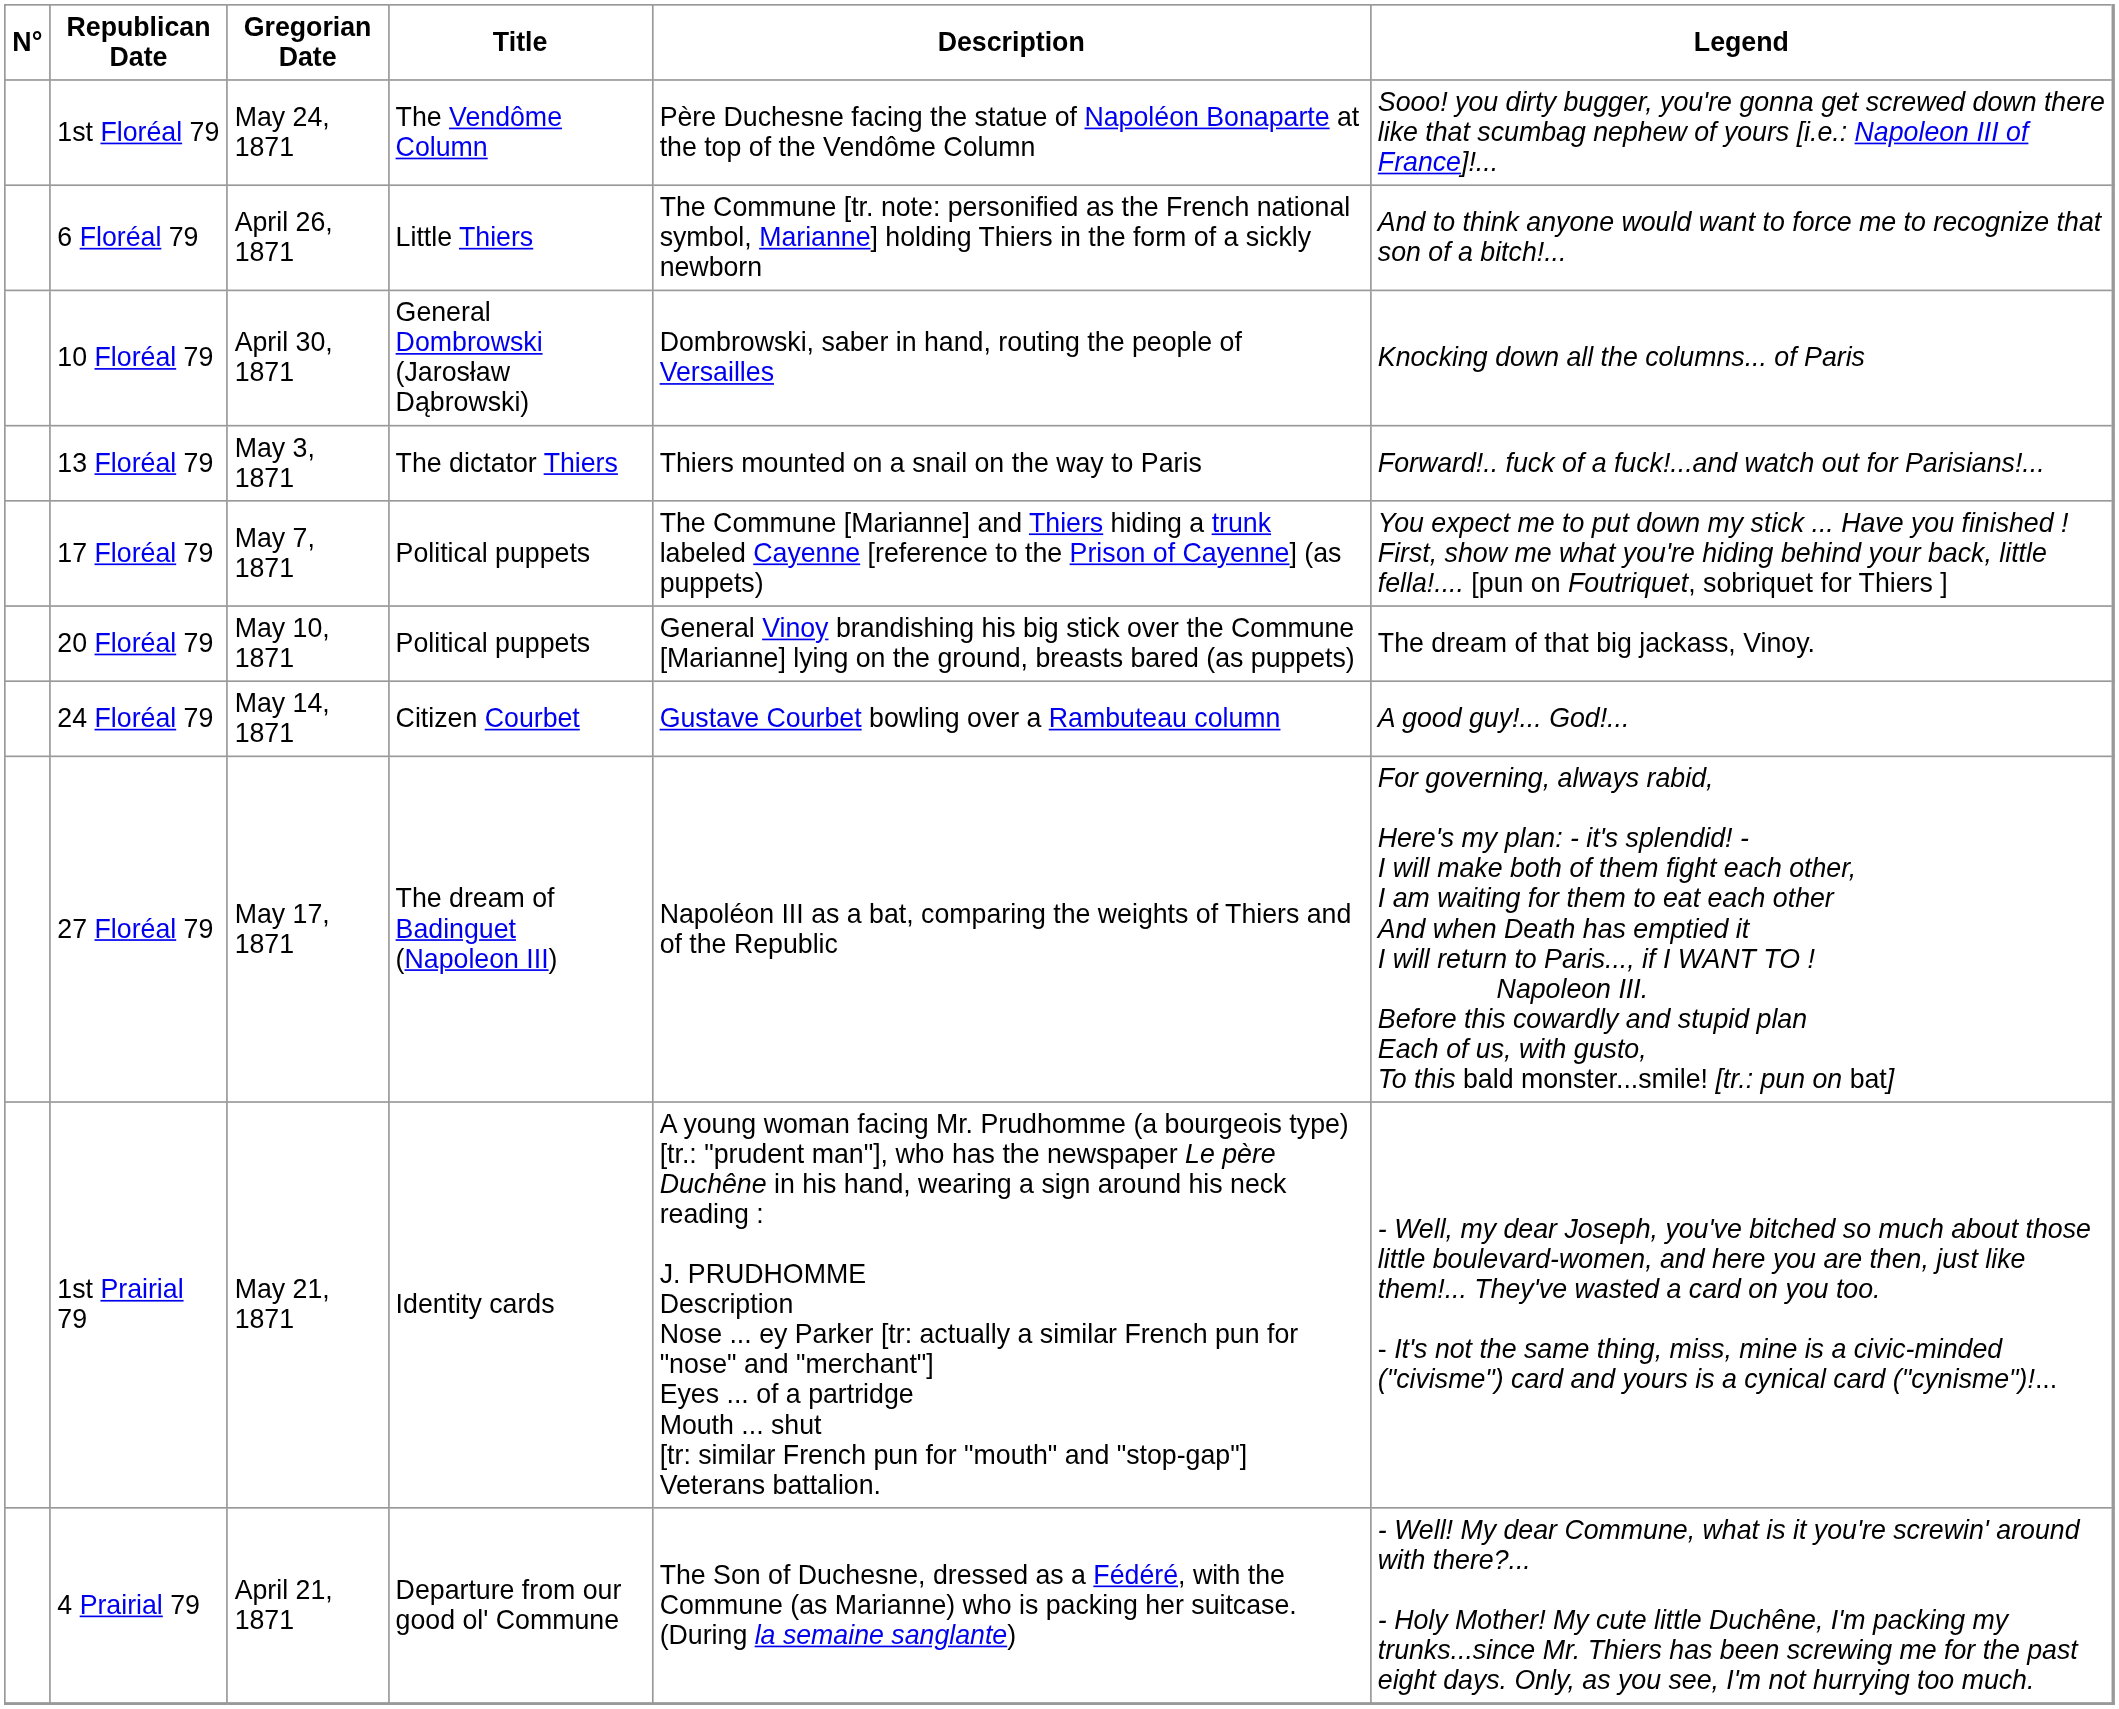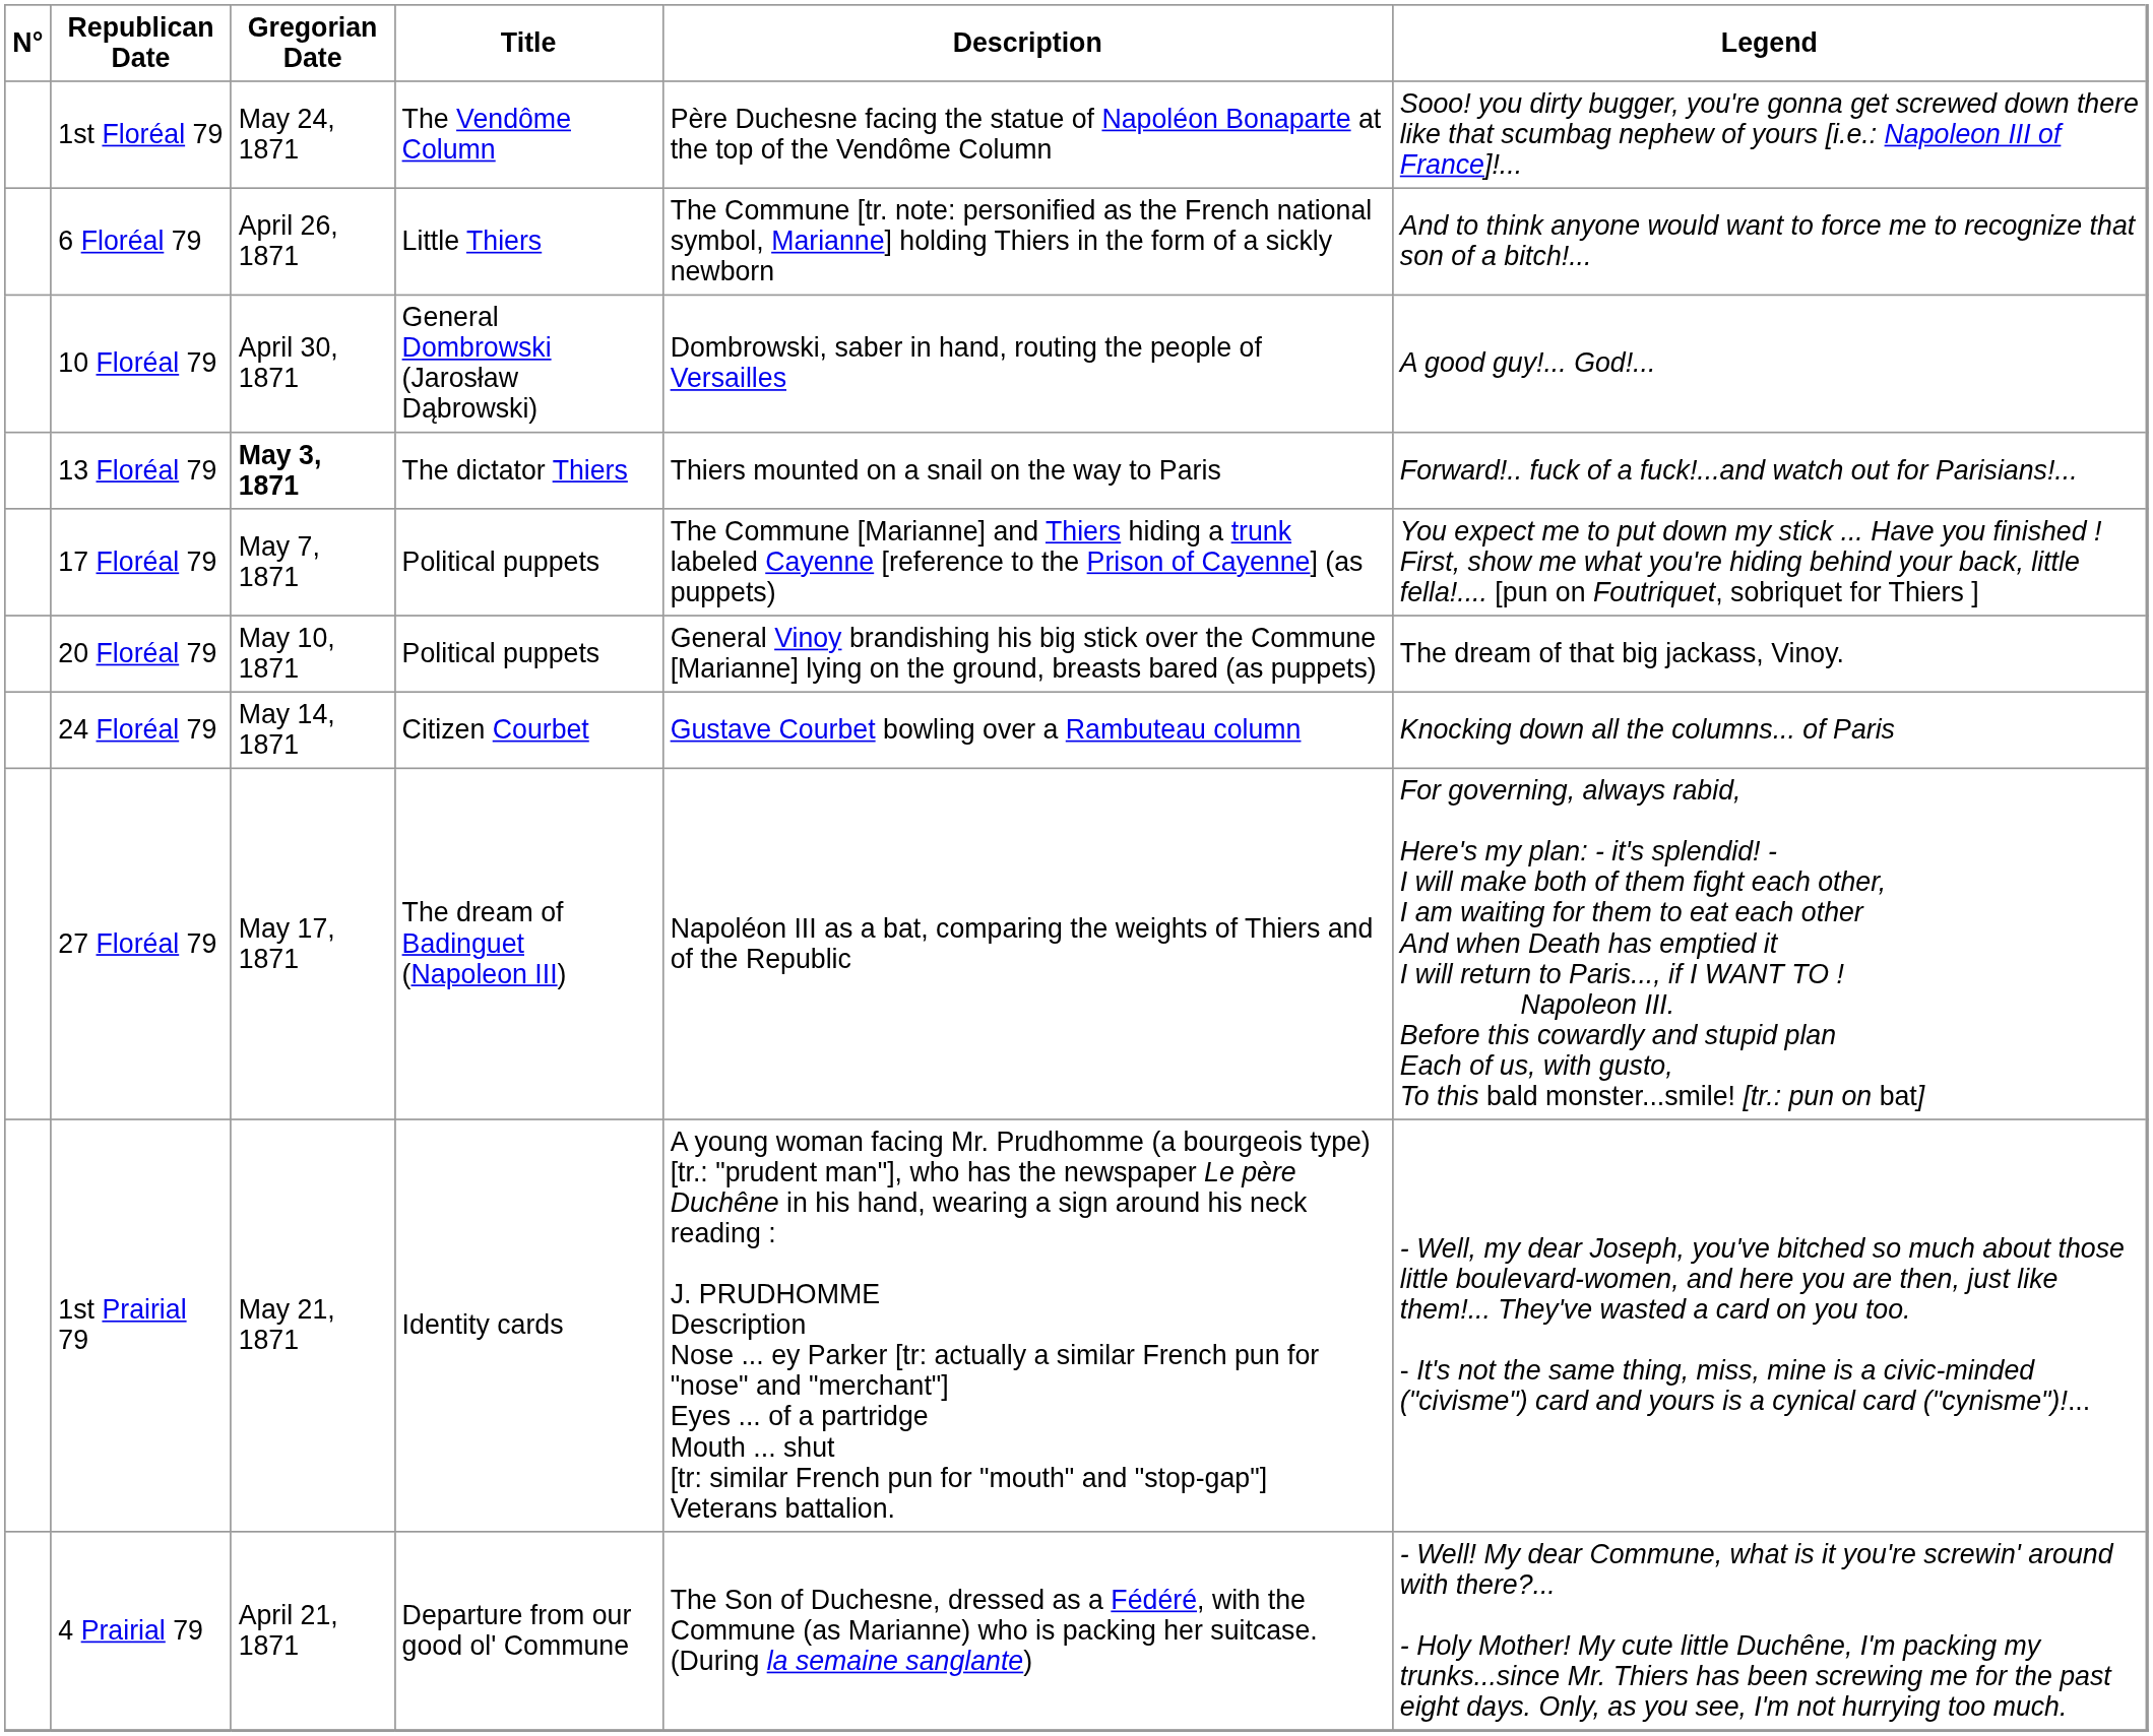 <table width="100%" rules="all" cellpadding="4" cellspacing="0" align="right" style="margin-left: 1em; border: 1px solid #999; border-right: 2px solid #999; border-bottom: 2px solid #999"  |>
 <tr>
 <th>N°</th>
 <th>Republican Date</th>
 <th>Gregorian Date</th>
 <th>Title</th>
 <th>Description</th>
 <th>Legend</th>
 </tr>
 <tr>
 <td></td>
 <td>1st  <a href='#'>Floréal</a> 79</td>
 <td>May 24, 1871</td>
 <td>The <a href='#'>Vendôme Column</a></td>
 <td>Père Duchesne facing the statue of <a href='#'>Napoléon Bonaparte</a> at the top of the Vendôme Column</td>
 <td><em>Sooo! you dirty bugger, you're gonna get screwed down there like that scumbag nephew of yours [i.e.: <a href='#'>Napoleon III of France</a>]!...</em></td>
 </tr>
 <tr>
 <td></td>
 <td>6 <a href='#'>Floréal</a> 79</td>
 <td>April 26, 1871</td>
 <td>Little <a href='#'>Thiers</a></td>
 <td>The Commune [tr. note: personified as the French national symbol, <a href='#'>Marianne</a>] holding Thiers in the form of a sickly newborn</td>
 <td><em>And to think anyone would want to force me to recognize that son of a bitch!...</em></td>
 </tr>
 <tr>
 <td></td>
 <td>10 <a href='#'>Floréal</a> 79</td>
 <td>April 30, 1871</td>
 <td>General <a href='#'>Dombrowski</a> (Jarosław Dąbrowski)</td>
 <td>Dombrowski, saber in hand, routing the people of <a href='#'>Versailles</a></td>
-<td><em>Knocking down all the columns... of Paris</em></td>
+<td><em>A good guy!... God!...</em></td>
 </tr>
 <tr>
 <td></td>
 <td>13 <a href='#'>Floréal</a> 79</td>
-<td>May 3, 1871</td>
+<td><strong>May 3, 1871</strong></td>
 <td>The dictator <a href='#'>Thiers</a></td>
 <td>Thiers mounted on a snail on the way to Paris</td>
 <td><em>Forward!.. fuck of a fuck!...and watch out for Parisians!...</em></td>
 </tr>
 <tr>
 <td></td>
 <td>17 <a href='#'>Floréal</a> 79</td>
 <td>May 7, 1871</td>
 <td>Political puppets</td>
 <td>The Commune [Marianne] and <a href='#'>Thiers</a> hiding a <a href='#'>trunk</a> labeled <a href='#'>Cayenne</a> [reference to the <a href='#'>Prison of Cayenne</a>] (as puppets)</td>
 <td><em>You expect me to put down my stick ... Have you finished ! First, show me what you're hiding behind your back, little fella!....</em> [pun on <em>Foutriquet</em>, sobriquet for Thiers ]</td>
 </tr>
 <tr>
 <td></td>
 <td>20 <a href='#'>Floréal</a> 79</td>
 <td>May 10, 1871</td>
 <td>Political puppets</td>
 <td>General <a href='#'>Vinoy</a> brandishing his big stick over the Commune [Marianne] lying on the ground, breasts bared (as puppets)</td>
 <td>The dream of that big jackass, Vinoy.</td>
 </tr>
 <tr>
 <td></td>
 <td>24 <a href='#'>Floréal</a> 79</td>
 <td>May 14, 1871</td>
 <td>Citizen <a href='#'>Courbet</a></td>
 <td><a href='#'>Gustave Courbet</a> bowling over a <a href='#'>Rambuteau column</a></td>
-<td><em>A good guy!... God!...</em></td>
+<td><em>Knocking down all the columns... of Paris</em></td>
 </tr>
 <tr>
 <td></td>
 <td>27 <a href='#'>Floréal</a> 79</td>
 <td>May 17, 1871</td>
 <td>The dream of  <a href='#'>Badinguet</a> (<a href='#'>Napoleon III</a>)</td>
 <td>Napoléon III as a bat, comparing the weights of Thiers and of the Republic</td>
 <td><em>For governing, always rabid, <br></em><br><em>Here's my plan: - it's splendid! - <br></em> <em>I will make both of them fight each other, <br></em> <em>I am waiting for them to eat each other <br></em> <em>And when Death has emptied it <br></em> <em>I will return to Paris..., if I WANT TO !<br></em>                 <em>Napoleon III.</em><br> <em>Before this cowardly and stupid plan <br></em> <em>Each of us, with gusto, <br></em> <em>To this </em>bald monster...smile!<em> [tr.: pun on </em>bat<em>]</em></td>
 </tr>
 <tr>
 <td></td>
 <td>1st <a href='#'>Prairial</a> 79</td>
 <td>May 21, 1871</td>
 <td>Identity cards</td>
 <td>A young woman facing Mr. Prudhomme (a bourgeois type) [tr.: "prudent man"], who has the newspaper <em>Le père Duchêne</em> in his hand, wearing a sign around his neck reading : <br><br>J. PRUDHOMME <br> Description<br> Nose ... ey Parker [tr: actually a similar French pun for "nose" and "merchant"] <br> Eyes ... of a partridge <br> Mouth ... shut <br> [tr: similar French pun for "mouth" and "stop-gap"] <br> Veterans battalion.</td>
 <td><em>- Well, my dear Joseph, you've bitched so much about those little boulevard-women, and here you are then, just like them!... They've wasted a card on you too.</em> <br><br>- <em>It's not the same thing, miss, mine is a civic-minded ("civisme") card and yours is a cynical card ("cynisme")!</em>...</td>
 </tr>
 <tr>
 <td></td>
 <td>4 <a href='#'>Prairial</a> 79</td>
 <td>April 21, 1871</td>
 <td>Departure from our good ol' Commune</td>
 <td>The Son of Duchesne, dressed as a <a href='#'>Fédéré</a>, with the Commune (as Marianne) who is packing her suitcase. (During <em><a href='#'>la semaine sanglante</a></em>)</td>
 <td><em>- Well!  My dear Commune, what is it you're screwin' around with there?...</em> <br><br><em>- Holy Mother!  My cute little Duchêne, I'm packing my trunks...since Mr. Thiers has been screwing me for the past eight days.  Only, as you see, I'm not hurrying too much.</em></td>
 </tr>
 <tr>
 </tr>
 </table>
